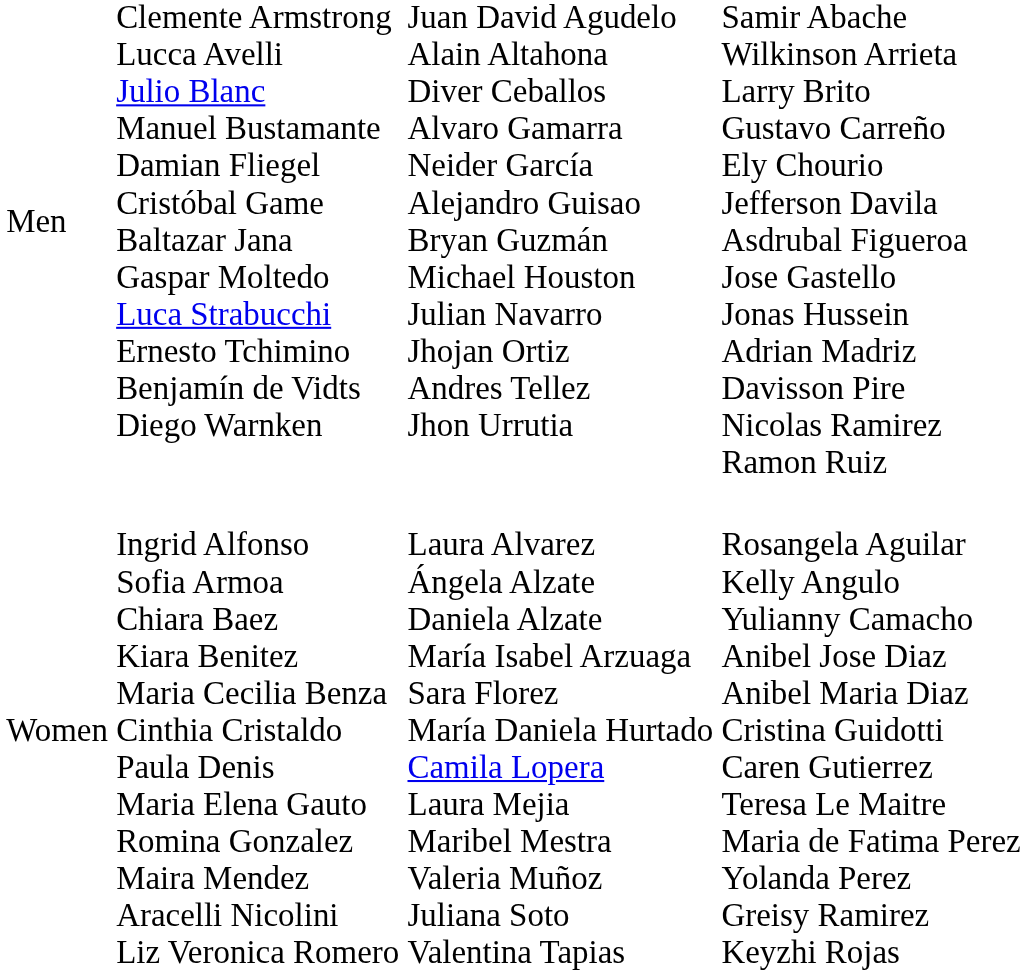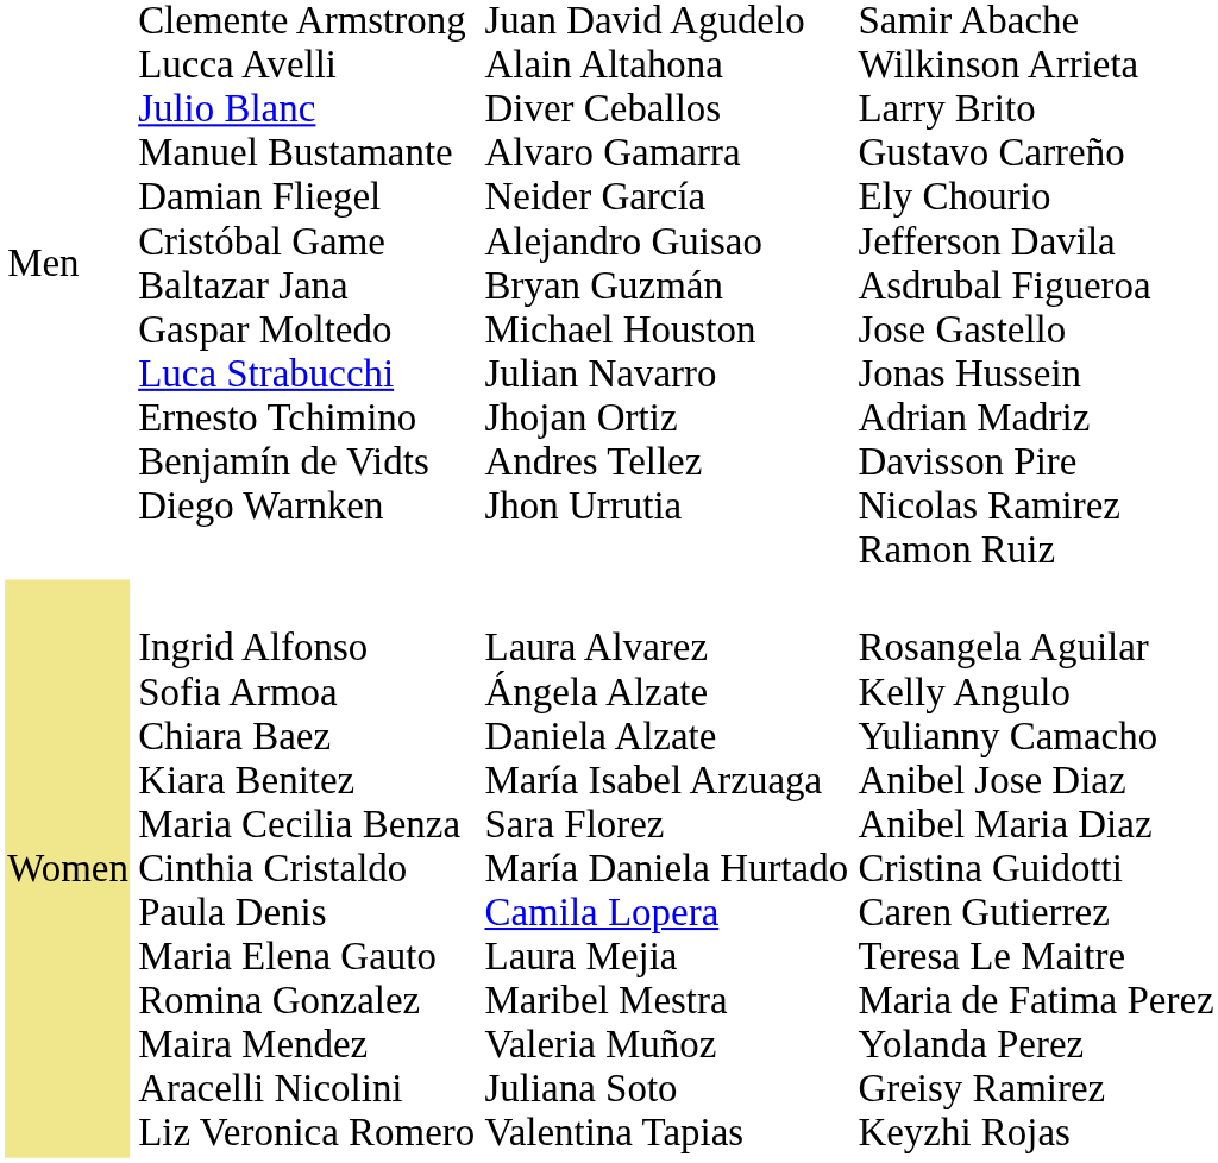 <table>
 <tr>
 <td>Men</td>
 <td nowrap valign=top><br>Clemente Armstrong<br>Lucca Avelli<br><a href='#'>Julio Blanc</a><br>Manuel Bustamante<br>Damian Fliegel<br>Cristóbal Game<br>Baltazar Jana<br>Gaspar Moltedo<br><a href='#'>Luca Strabucchi</a><br>Ernesto Tchimino<br>Benjamín de Vidts<br>Diego Warnken</td>
 <td nowrap valign=top><br>Juan David Agudelo<br>Alain Altahona<br>Diver Ceballos<br>Alvaro Gamarra<br>Neider García<br>Alejandro Guisao<br>Bryan Guzmán<br>Michael Houston<br>Julian Navarro<br>Jhojan Ortiz<br>Andres Tellez<br>Jhon Urrutia</td>
 <td nowrap><br>Samir Abache<br>Wilkinson Arrieta<br>Larry Brito<br>Gustavo Carreño<br>Ely Chourio<br>Jefferson Davila<br>Asdrubal Figueroa<br>Jose Gastello<br>Jonas Hussein<br>Adrian Madriz<br>Davisson Pire<br>Nicolas Ramirez<br>Ramon Ruiz</td>
 </tr>
 <tr>
-<td>Women</td>
+<td style="background: khaki;">Women</td>
 <td nowrap><br>Ingrid Alfonso<br>Sofia Armoa<br>Chiara Baez<br>Kiara Benitez<br>Maria Cecilia Benza<br>Cinthia Cristaldo<br>Paula Denis<br>Maria Elena Gauto<br>Romina Gonzalez<br>Maira Mendez<br>Aracelli Nicolini<br>Liz Veronica Romero</td>
 <td nowrap><br>Laura Alvarez<br>Ángela Alzate<br>Daniela Alzate<br>María Isabel Arzuaga<br>Sara Florez<br>María Daniela Hurtado<br><a href='#'>Camila Lopera</a><br>Laura Mejia<br>Maribel Mestra<br>Valeria Muñoz<br>Juliana Soto<br>Valentina Tapias</td>
 <td nowrap><br>Rosangela Aguilar<br>Kelly Angulo<br>Yulianny Camacho<br>Anibel Jose Diaz<br>Anibel Maria Diaz<br>Cristina Guidotti<br>Caren Gutierrez<br>Teresa Le Maitre<br>Maria de Fatima Perez<br>Yolanda Perez<br>Greisy Ramirez<br>Keyzhi Rojas</td>
 </tr>
 </table>
